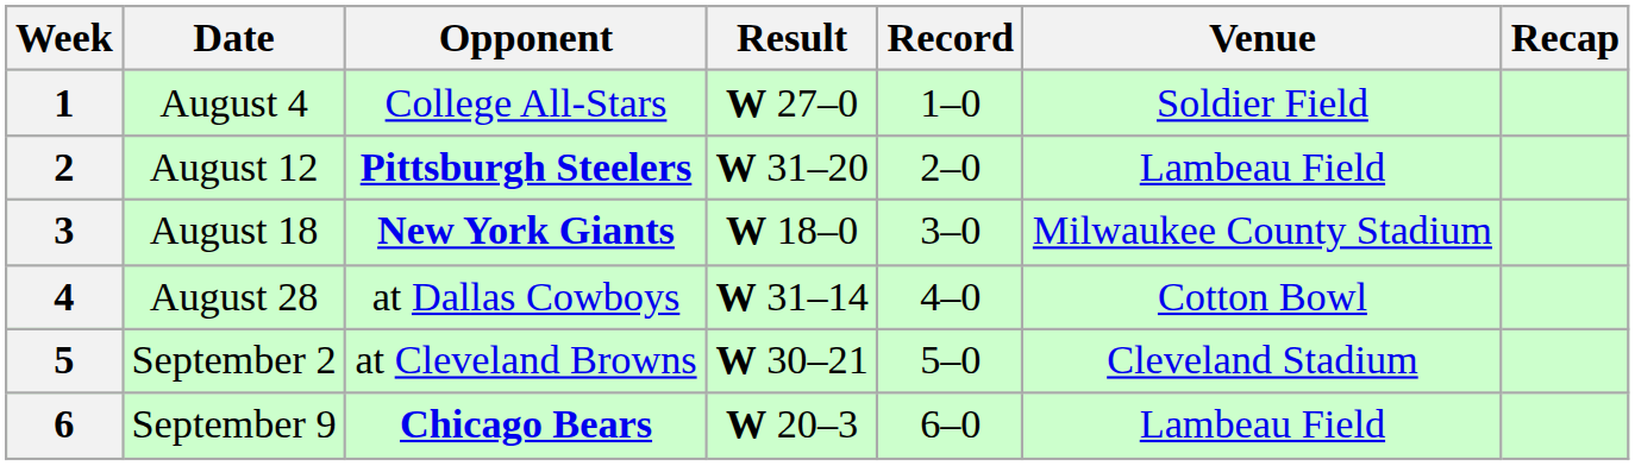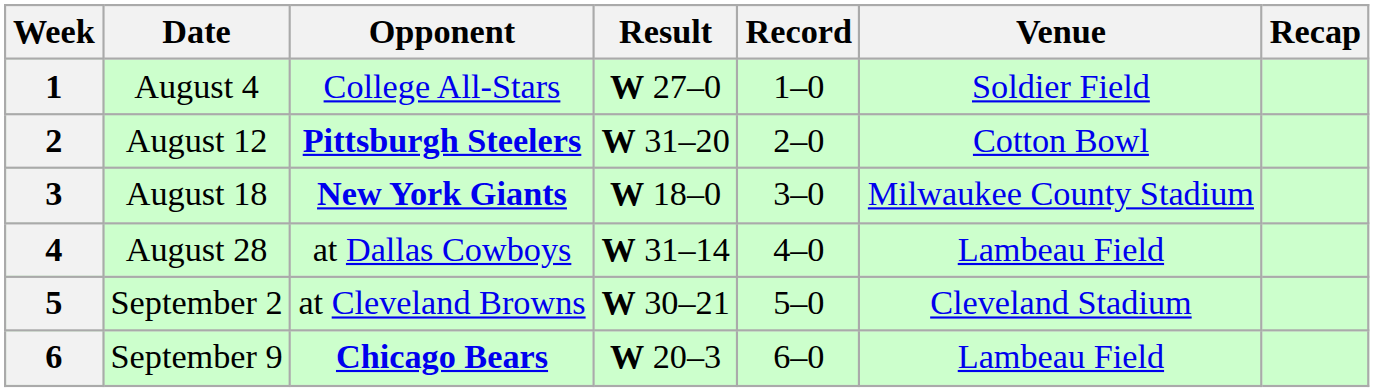 <table class="wikitable" style="text-align:center">
 <tr>
 <th>Week</th>
 <th>Date</th>
 <th>Opponent</th>
 <th>Result</th>
 <th>Record</th>
 <th>Venue</th>
 <th>Recap</th>
 </tr>
 <tr style="text-align:center; background:#cfc;">
 <th>1</th>
 <td>August 4</td>
 <td><a href='#'>College All-Stars</a></td>
 <td><strong>W</strong> 27–0</td>
 <td>1–0</td>
 <td><a href='#'>Soldier Field</a></td>
 <td></td>
 </tr>
 <tr style="text-align:center; background:#cfc;">
 <th>2</th>
 <td>August 12</td>
 <td><strong><a href='#'>Pittsburgh Steelers</a></strong></td>
 <td><strong>W</strong>  31–20</td>
 <td>2–0</td>
-<td><a href='#'>Lambeau Field</a></td>
+<td><a href='#'>Cotton Bowl</a></td>
 <td></td>
 </tr>
 <tr style="text-align:center; background:#cfc;">
 <th>3</th>
 <td>August 18</td>
 <td><strong><a href='#'>New York Giants</a></strong></td>
 <td><strong>W</strong> 18–0</td>
 <td>3–0</td>
 <td><a href='#'>Milwaukee County Stadium</a></td>
 <td></td>
 </tr>
 <tr style="text-align:center; background:#cfc;">
 <th>4</th>
 <td>August 28</td>
 <td>at <a href='#'>Dallas Cowboys</a></td>
 <td><strong>W</strong> 31–14</td>
 <td>4–0</td>
-<td><a href='#'>Cotton Bowl</a></td>
+<td><a href='#'>Lambeau Field</a></td>
 <td></td>
 </tr>
 <tr style="text-align:center; background:#cfc;">
 <th>5</th>
 <td>September 2</td>
 <td>at <a href='#'>Cleveland Browns</a></td>
 <td><strong>W</strong> 30–21</td>
 <td>5–0</td>
 <td><a href='#'>Cleveland Stadium</a></td>
 <td></td>
 </tr>
 <tr style="text-align:center; background:#cfc;">
 <th>6</th>
 <td>September 9</td>
 <td><strong><a href='#'>Chicago Bears</a></strong></td>
 <td><strong>W</strong> 20–3</td>
 <td>6–0</td>
 <td><a href='#'>Lambeau Field</a></td>
 <td></td>
 </tr>
 </table>
